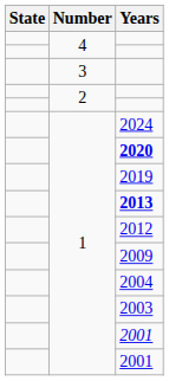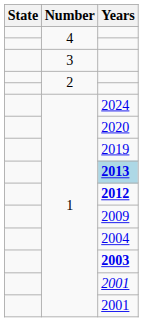 <table class="wikitable sortable">
 <tr>
 <th>State</th>
 <th>Number</th>
 <th>Years</th>
 </tr>
 <tr>
 <td><strong></strong></td>
 <td rowspan="2" style="text-align:center;">4</td>
 <td></td>
 </tr>
 <tr>
 <td><strong></strong></td>
 <td></td>
 </tr>
 <tr>
 <td><strong></strong></td>
 <td style="text-align:center;">3</td>
 <td></td>
 </tr>
 <tr>
 <td><strong></strong></td>
 <td rowspan="2" style="text-align:center;">2</td>
 <td></td>
 </tr>
 <tr>
 <td><strong></strong></td>
 <td></td>
 </tr>
 <tr>
 <td><strong></strong></td>
 <td rowspan="10" style="text-align:center;">1</td>
 <td><a href='#'>2024</a></td>
 </tr>
 <tr>
 <td><strong></strong></td>
-<td><strong><a href='#'>2020</a></strong></td>
+<td><a href='#'>2020</a></td>
 </tr>
 <tr>
 <td><strong></strong></td>
 <td><a href='#'>2019</a></td>
 </tr>
 <tr>
 <td><strong></strong></td>
-<td><a href='#'><strong>2013</strong></a></td>
+<td style="background: lightblue;"><a href='#'><strong>2013</strong></a></td>
 </tr>
 <tr>
 <td><strong></strong></td>
-<td><a href='#'>2012</a></td>
+<td><strong><a href='#'>2012</a></strong></td>
 </tr>
 <tr>
 <td><strong></strong></td>
 <td><a href='#'>2009</a></td>
 </tr>
 <tr>
 <td><strong></strong></td>
 <td><a href='#'>2004</a></td>
 </tr>
 <tr>
 <td><strong></strong></td>
-<td><a href='#'>2003</a></td>
+<td><strong><a href='#'>2003</a></strong></td>
 </tr>
 <tr>
 <td><strong></strong></td>
 <td><a href='#'><em>2001</em></a></td>
 </tr>
 <tr>
 <td><strong></strong></td>
 <td><a href='#'>2001</a></td>
 </tr>
 </table>
